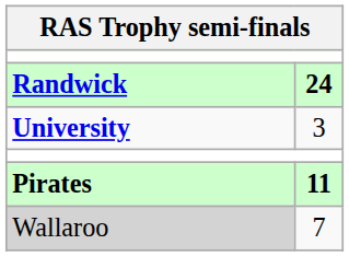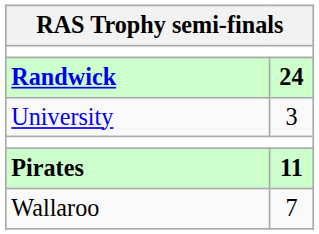 <table align="right" class="wikitable" style="font-size:90%; text-align:center; margin-left:1em; margin-right:4em">
 <tr bgcolor=#ccffcc>
 <th colspan=3>RAS Trophy semi-finals</th>
 </tr>
 <tr bgcolor=#fff>
 <td colspan=3></td>
 </tr>
 <tr bgcolor=#ccffcc>
 <td width=150; align=left> <a href='#'><strong>Randwick</strong></a></td>
 <td width=20><strong>24</strong></td>
 </tr>
 <tr>
-<td align=left><strong> <a href='#'>University</a></strong></td>
+<td align=left> <a href='#'>University</a></td>
 <td>3</td>
 </tr>
 <tr bgcolor=#fff>
 <td colspan=2></td>
 </tr>
 <tr bgcolor=#ccffcc>
 <td align=left> <strong>Pirates</strong></td>
 <td><strong>11</strong></td>
 </tr>
 <tr>
-<td align=left style="background: lightgrey;"> Wallaroo</td>
+<td align=left> Wallaroo</td>
 <td>7</td>
 </tr>
 </table>
